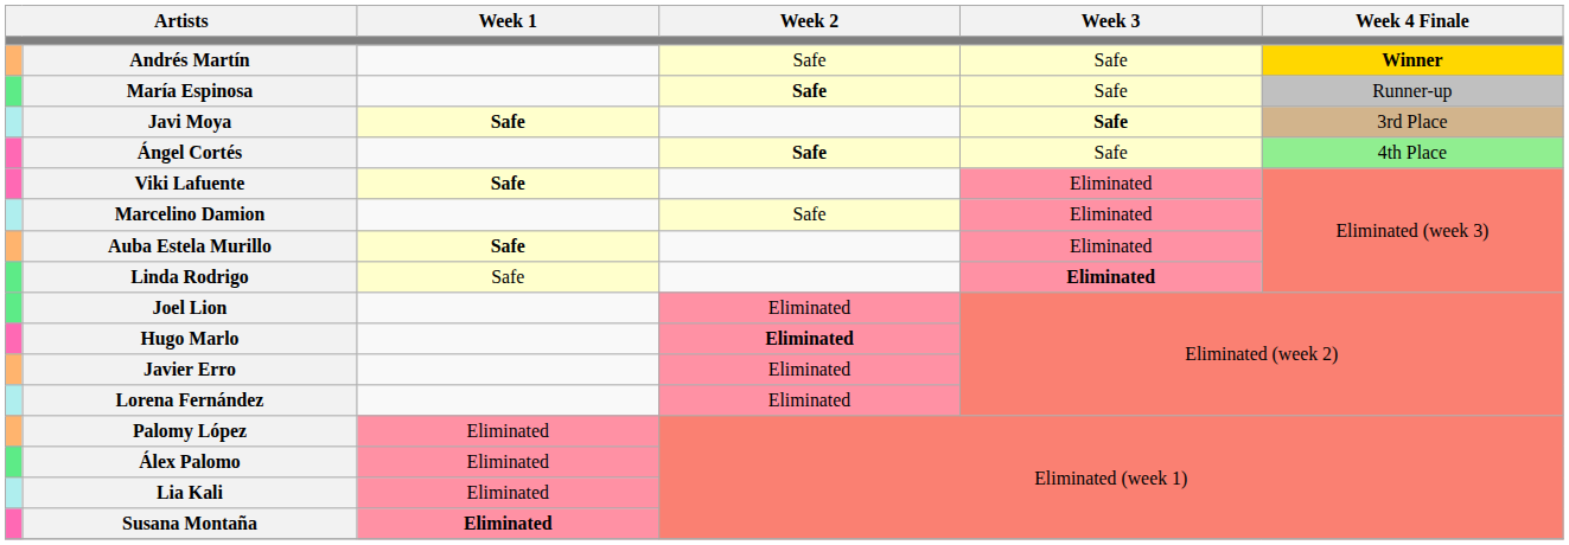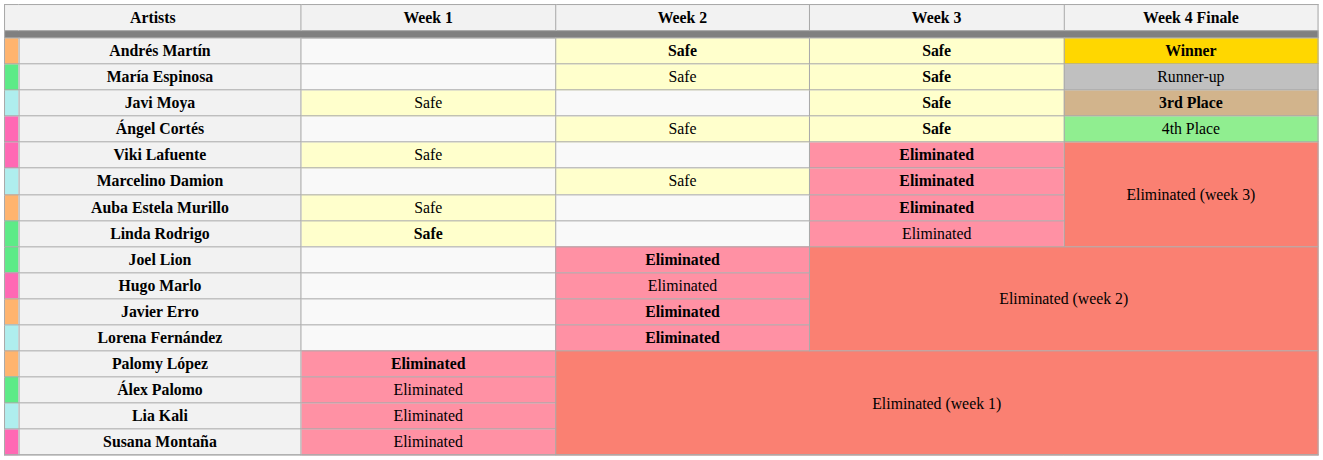 <table class="wikitable"  style="text-align:center; font-size:95%; width:100%;">
 <tr>
 <th colspan="2" rowspan="1" style="width:14%;">Artists</th>
 <th rowspan="1" style="width:12%;">Week 1</th>
 <th rowspan="1" style="width:12%;">Week 2</th>
 <th rowspan="1" style="width:12%;">Week 3</th>
 <th rowspan="1" style="width:12%;">Week 4 Finale</th>
 </tr>
 <tr>
 <th colspan="6" style="background:gray;"></th>
 </tr>
 <tr>
 <td style="background:#ffb46e;"></td>
 <th>Andrés Martín</th>
 <td></td>
-<td bgcolor=FFFFCC>Safe</td>
-<td bgcolor=FFFFCC>Safe</td>
+<td bgcolor=FFFFCC><strong>Safe</strong></td>
+<td bgcolor=FFFFCC><strong>Safe</strong></td>
 <td style="background:gold;"><strong>Winner</strong></td>
 </tr>
 <tr>
 <td style="background:#5deb87;"></td>
 <th>María Espinosa</th>
 <td></td>
+<td bgcolor=FFFFCC>Safe</td>
 <td bgcolor=FFFFCC><strong>Safe</strong></td>
-<td bgcolor=FFFFCC>Safe</td>
 <td style="background:silver;">Runner-up</td>
 </tr>
 <tr>
 <td style="background:#afeeee;"></td>
 <th>Javi Moya</th>
-<td bgcolor=FFFFCC><strong>Safe</strong></td>
+<td bgcolor=FFFFCC>Safe</td>
 <td></td>
 <td bgcolor=FFFFCC><strong>Safe</strong></td>
-<td style="background:tan;">3rd Place</td>
+<td style="background:tan;"><strong>3rd Place</strong></td>
 </tr>
 <tr>
 <td style="background:#ff69b4;"></td>
 <th>Ángel Cortés</th>
 <td></td>
+<td bgcolor=FFFFCC>Safe</td>
 <td bgcolor=FFFFCC><strong>Safe</strong></td>
-<td bgcolor=FFFFCC>Safe</td>
 <td style="background:lightgreen;">4th Place</td>
 </tr>
 <tr>
 <td style="background:#ff69b4;"></td>
 <th>Viki Lafuente</th>
-<td bgcolor=FFFFCC><strong>Safe</strong></td>
+<td bgcolor=FFFFCC>Safe</td>
 <td></td>
-<td style="background:#ff91a4;">Eliminated</td>
+<td style="background:#ff91a4;"><strong>Eliminated</strong></td>
 <td colspan="4" rowspan="4" style="background:salmon;">Eliminated (week 3)</td>
 </tr>
 <tr>
 <td style="background:#afeeee;"></td>
 <th>Marcelino Damion</th>
 <td></td>
 <td bgcolor=FFFFCC>Safe</td>
-<td style="background:#ff91a4;">Eliminated</td>
+<td style="background:#ff91a4;"><strong>Eliminated</strong></td>
 </tr>
 <tr>
 <td style="background:#ffb46e;"></td>
 <th>Auba Estela Murillo</th>
+<td bgcolor=FFFFCC>Safe</td>
+<td></td>
+<td style="background:#ff91a4;"><strong>Eliminated</strong></td>
+</tr>
+<tr>
+<td style="background:#5deb87;"></td>
+<th>Linda Rodrigo</th>
 <td bgcolor=FFFFCC><strong>Safe</strong></td>
 <td></td>
 <td style="background:#ff91a4;">Eliminated</td>
 </tr>
 <tr>
 <td style="background:#5deb87;"></td>
-<th>Linda Rodrigo</th>
-<td bgcolor=FFFFCC>Safe</td>
+<th>Joel Lion</th>
 <td></td>
 <td style="background:#ff91a4;"><strong>Eliminated</strong></td>
-</tr>
-<tr>
-<td style="background:#5deb87;"></td>
-<th>Joel Lion</th>
-<td></td>
-<td style="background:#ff91a4;">Eliminated</td>
 <td colspan="4" rowspan="4" style="background:salmon;">Eliminated (week 2)</td>
 </tr>
 <tr>
 <td style="background:#ff69b4;"></td>
 <th>Hugo Marlo</th>
 <td></td>
-<td style="background:#ff91a4;"><strong>Eliminated</strong></td>
+<td style="background:#ff91a4;">Eliminated</td>
 </tr>
 <tr>
 <td style="background:#ffb46e;"></td>
 <th>Javier Erro</th>
 <td></td>
-<td style="background:#ff91a4;">Eliminated</td>
+<td style="background:#ff91a4;"><strong>Eliminated</strong></td>
 </tr>
 <tr>
 <td style="background:#afeeee;"></td>
 <th>Lorena Fernández</th>
 <td></td>
-<td style="background:#ff91a4;">Eliminated</td>
+<td style="background:#ff91a4;"><strong>Eliminated</strong></td>
 </tr>
 <tr>
 <td style="background:#ffb46e;"></td>
 <th>Palomy López</th>
-<td style="background:#ff91a4;">Eliminated</td>
+<td style="background:#ff91a4;"><strong>Eliminated</strong></td>
 <td colspan="4" rowspan="4" style="background:salmon;">Eliminated (week 1)</td>
 </tr>
 <tr>
 <td style="background:#5deb87;"></td>
 <th>Álex Palomo</th>
 <td style="background:#ff91a4;">Eliminated</td>
 </tr>
 <tr>
 <td style="background:#afeeee;"></td>
 <th>Lia Kali</th>
 <td style="background:#ff91a4;">Eliminated</td>
 </tr>
 <tr>
 <td style="background:#ff69b4;"></td>
 <th>Susana Montaña</th>
-<td style="background:#ff91a4;"><strong>Eliminated</strong></td>
+<td style="background:#ff91a4;">Eliminated</td>
 </tr>
 <tr>
 </tr>
 </table>
